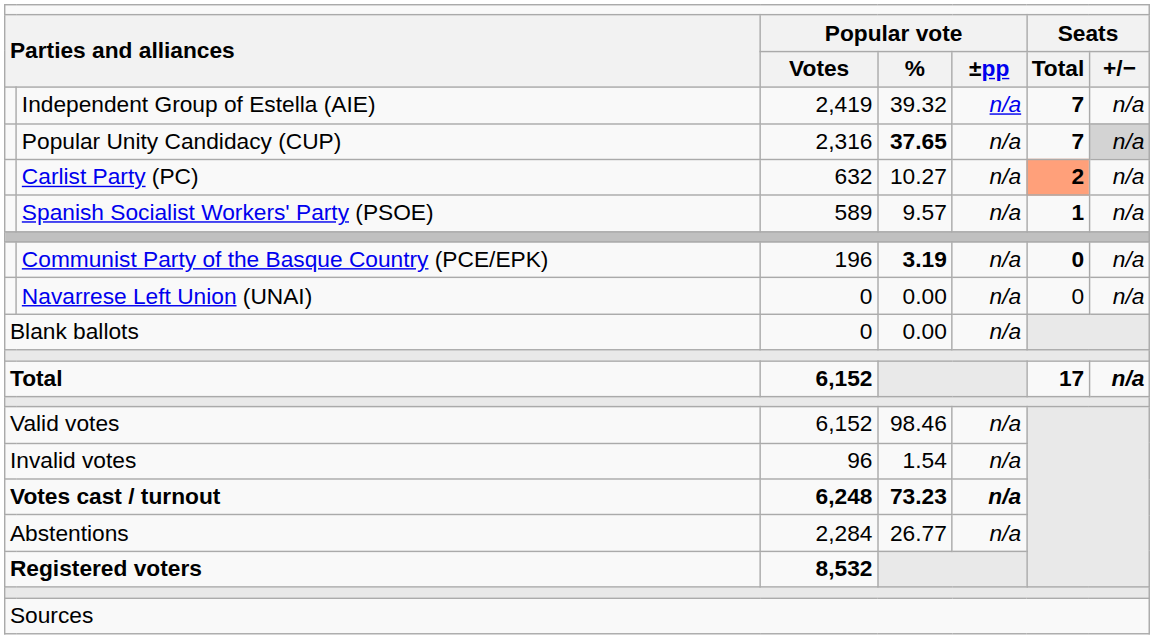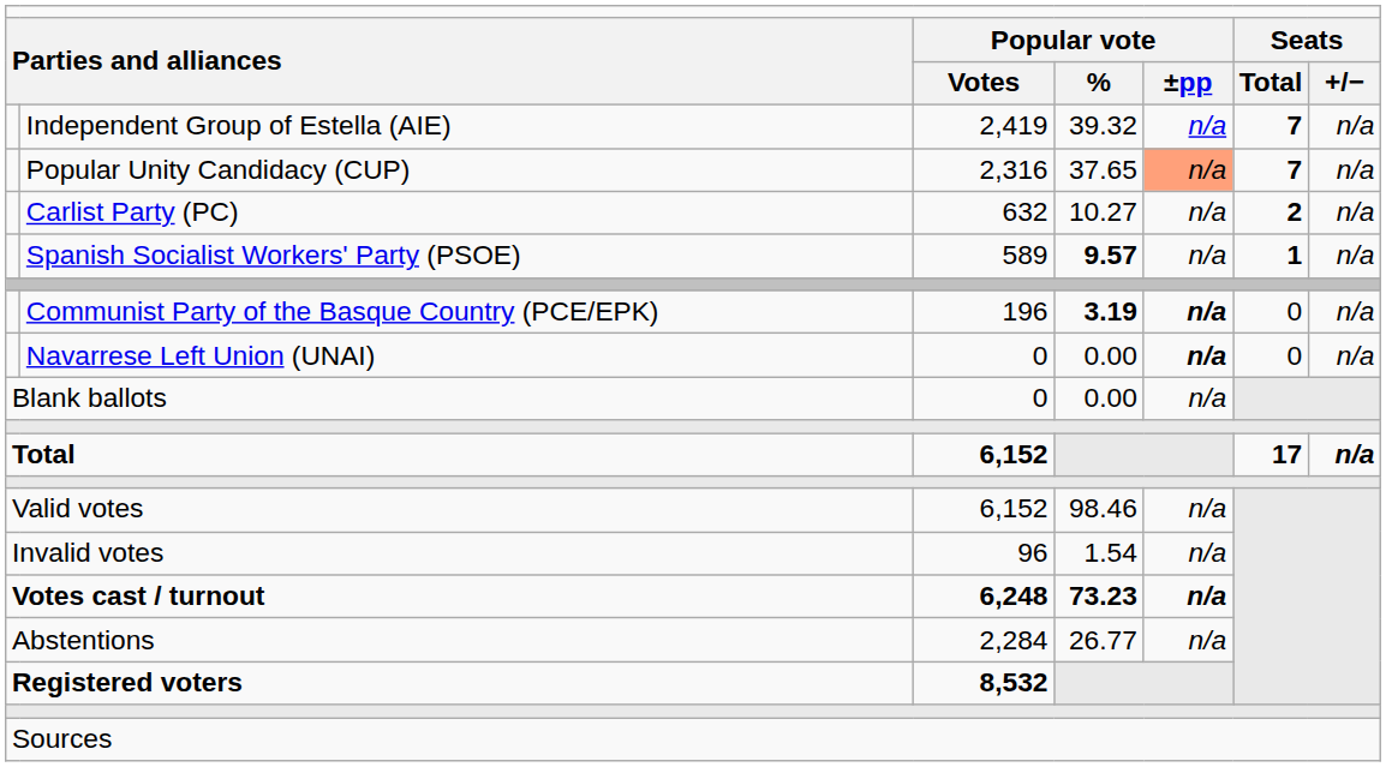 <table class="wikitable" style="text-align:right;">
 <tr>
 <td colspan="7"></td>
 </tr>
 <tr>
 <th style="text-align:left;" rowspan="2" colspan="2" width="525">Parties and alliances</th>
 <th colspan="3">Popular vote</th>
 <th colspan="2">Seats</th>
 </tr>
 <tr>
 <th width="75">Votes</th>
 <th width="45">%</th>
 <th width="45">±<a href='#'>pp</a></th>
 <th width="35">Total</th>
 <th width="35">+/−</th>
 </tr>
 <tr>
 <td width="1" style="color:inherit;background:"></td>
 <td align="left">Independent Group of Estella (AIE)</td>
 <td>2,419</td>
 <td>39.32</td>
 <td><em><a href='#'>n/a</a></em></td>
 <td><strong>7</strong></td>
 <td><em>n/a</em></td>
 </tr>
 <tr>
 <td style="color:inherit;background:"></td>
 <td align="left">Popular Unity Candidacy (CUP)</td>
 <td>2,316</td>
-<td><strong>37.65</strong></td>
+<td>37.65</td>
+<td style="background: lightsalmon;"><em>n/a</em></td>
+<td><strong>7</strong></td>
 <td><em>n/a</em></td>
-<td><strong>7</strong></td>
-<td style="background: lightgrey;"><em>n/a</em></td>
 </tr>
 <tr>
 <td style="color:inherit;background:"></td>
 <td align="left"><a href='#'>Carlist Party</a> (PC)</td>
 <td>632</td>
 <td>10.27</td>
 <td><em>n/a</em></td>
-<td style="background: lightsalmon;"><strong>2</strong></td>
+<td><strong>2</strong></td>
 <td><em>n/a</em></td>
 </tr>
 <tr>
 <td style="color:inherit;background:"></td>
 <td align="left"><a href='#'>Spanish Socialist Workers' Party</a> (PSOE)</td>
 <td>589</td>
-<td>9.57</td>
+<td><strong>9.57</strong></td>
 <td><em>n/a</em></td>
 <td><strong>1</strong></td>
 <td><em>n/a</em></td>
 </tr>
 <tr>
 <td colspan="7" bgcolor="#C0C0C0"></td>
 </tr>
 <tr>
 <td style="color:inherit;background:"></td>
 <td align="left"><a href='#'>Communist Party of the Basque Country</a> (PCE/EPK)</td>
 <td>196</td>
 <td><strong>3.19</strong></td>
-<td><em>n/a</em></td>
-<td><strong>0</strong></td>
+<td><strong><em>n/a</em></strong></td>
+<td>0</td>
 <td><em>n/a</em></td>
 </tr>
 <tr>
 <td style="color:inherit;background:"></td>
 <td align="left"><a href='#'>Navarrese Left Union</a> (UNAI)</td>
 <td>0</td>
 <td>0.00</td>
-<td><em>n/a</em></td>
+<td><strong><em>n/a</em></strong></td>
 <td>0</td>
 <td><em>n/a</em></td>
 </tr>
 <tr>
 <td align="left" colspan="2">Blank ballots</td>
 <td>0</td>
 <td>0.00</td>
 <td><em>n/a</em></td>
 <td bgcolor="#E9E9E9" colspan="2"></td>
 </tr>
 <tr>
 <td colspan="7" bgcolor="#E9E9E9"></td>
 </tr>
 <tr style="font-weight:bold;">
 <td align="left" colspan="2">Total</td>
 <td>6,152</td>
 <td bgcolor="#E9E9E9" colspan="2"></td>
 <td>17</td>
 <td><em>n/a</em></td>
 </tr>
 <tr>
 <td colspan="7" bgcolor="#E9E9E9"></td>
 </tr>
 <tr>
 <td align="left" colspan="2">Valid votes</td>
 <td>6,152</td>
 <td>98.46</td>
 <td><em>n/a</em></td>
 <td bgcolor="#E9E9E9" colspan="2" rowspan="5"></td>
 </tr>
 <tr>
 <td align="left" colspan="2">Invalid votes</td>
 <td>96</td>
 <td>1.54</td>
 <td><em>n/a</em></td>
 </tr>
 <tr style="font-weight:bold;">
 <td align="left" colspan="2">Votes cast / turnout</td>
 <td>6,248</td>
 <td>73.23</td>
 <td><em>n/a</em></td>
 </tr>
 <tr>
 <td align="left" colspan="2">Abstentions</td>
 <td>2,284</td>
 <td>26.77</td>
 <td><em>n/a</em></td>
 </tr>
 <tr style="font-weight:bold;">
 <td align="left" colspan="2">Registered voters</td>
 <td>8,532</td>
 <td bgcolor="#E9E9E9" colspan="2"></td>
 </tr>
 <tr>
 <td colspan="7" bgcolor="#E9E9E9"></td>
 </tr>
 <tr>
 <td align="left" colspan="7">Sources</td>
 </tr>
 </table>
